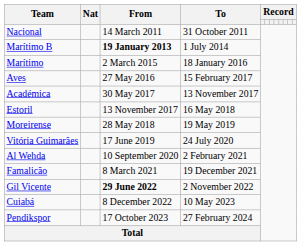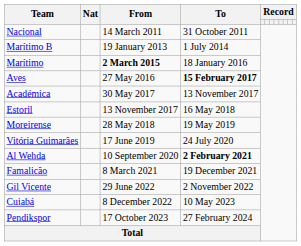 <table class=wikitable style=text-align:center>
 <tr>
 <th rowspan="2">Team</th>
 <th rowspan="2">Nat</th>
 <th rowspan="2">From</th>
 <th rowspan="2">To</th>
 <th colspan="8">Record</th>
 </tr>
 <tr>
 <th></th>
 <th></th>
 <th></th>
 <th></th>
 <th></th>
 <th></th>
 <th></th>
 <th></th>
 </tr>
 <tr>
 <td align=left><a href='#'>Nacional</a></td>
 <td></td>
 <td align=left>14 March 2011</td>
 <td align=left>31 October 2011<br></td>
 </tr>
 <tr>
 <td align=left><a href='#'>Marítimo B</a></td>
 <td></td>
-<td align=left><strong>19 January 2013</strong></td>
+<td align=left>19 January 2013</td>
 <td align=left>1 July 2014<br></td>
 </tr>
 <tr>
 <td align=left><a href='#'>Marítimo</a></td>
 <td></td>
-<td align=left>2 March 2015</td>
+<td align=left><strong>2 March 2015</strong></td>
 <td align=left>18 January 2016<br></td>
 </tr>
 <tr>
 <td align=left><a href='#'>Aves</a></td>
 <td></td>
 <td align=left>27 May 2016</td>
-<td align=left>15 February 2017<br></td>
+<td align=left><strong>15 February 2017<br></strong></td>
 </tr>
 <tr>
 <td align=left><a href='#'>Académica</a></td>
 <td></td>
 <td align=left>30 May 2017</td>
 <td align=left>13 November 2017<br></td>
 </tr>
 <tr>
 <td align=left><a href='#'>Estoril</a></td>
 <td></td>
 <td align=left>13 November 2017</td>
 <td align=left>16 May 2018<br></td>
 </tr>
 <tr>
 <td align=left><a href='#'>Moreirense</a></td>
 <td></td>
 <td align=left>28 May 2018</td>
 <td align=left>19 May 2019<br></td>
 </tr>
 <tr>
 <td align=left><a href='#'>Vitória Guimarães</a></td>
 <td></td>
 <td align=left>17 June 2019</td>
 <td align=left>24 July 2020<br></td>
 </tr>
 <tr>
 <td align=left><a href='#'>Al Wehda</a></td>
 <td></td>
 <td align=left>10 September 2020</td>
-<td align=left>2 February 2021<br></td>
+<td align=left><strong>2 February 2021<br></strong></td>
 </tr>
 <tr>
 <td align=left><a href='#'>Famalicão</a></td>
 <td></td>
 <td align=left>8 March 2021</td>
 <td align=left>19 December 2021<br></td>
 </tr>
 <tr>
 <td align=left><a href='#'>Gil Vicente</a></td>
 <td></td>
-<td align=left><strong>29 June 2022</strong></td>
+<td align=left>29 June 2022</td>
 <td align=left>2 November 2022<br></td>
 </tr>
 <tr>
 <td align=left><a href='#'>Cuiabá</a></td>
 <td></td>
 <td align=left>8 December 2022</td>
 <td align=left>10 May 2023<br></td>
 </tr>
 <tr>
 <td align=left><a href='#'>Pendikspor</a></td>
 <td></td>
 <td align=left>17 October 2023</td>
 <td align=left>27 February 2024<br></td>
 </tr>
 <tr>
 <th colspan="4">Total<br></th>
 </tr>
 </table>
